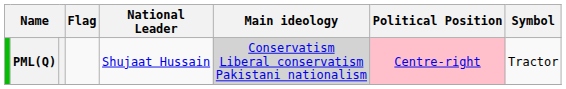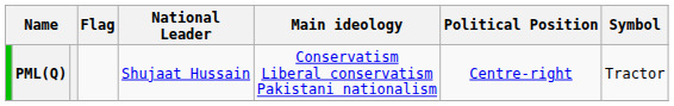 <table class="wikitable sortable">
 <tr>
 <th colspan="3">Name</th>
 <th>Flag</th>
 <th>National<br>Leader</th>
 <th>Main ideology</th>
 <th>Political Position</th>
 <th>Symbol</th>
 </tr>
 <tr>
 <th style="background:#00C000;"></th>
 <th style="text-align:center;">PML(Q)</th>
 <th style="text-align:center;"></th>
 <td></td>
 <td style="text-align:center;"><a href='#'>Shujaat Hussain</a></td>
-<td style="background: lightgrey; text-align:center;"><a href='#'>Conservatism</a><br><a href='#'>Liberal conservatism</a><br><a href='#'>Pakistani nationalism</a></td>
-<td style="background: pink; text-align:center;"><a href='#'>Centre-right</a></td>
+<td style="text-align:center;"><a href='#'>Conservatism</a><br><a href='#'>Liberal conservatism</a><br><a href='#'>Pakistani nationalism</a></td>
+<td style="text-align:center;"><a href='#'>Centre-right</a></td>
 <td style="text-align:center;">Tractor</td>
 </tr>
 <tr>
 </tr>
 </table>
